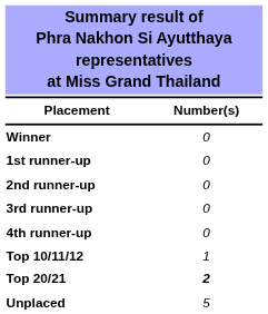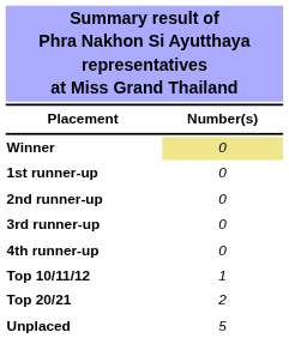 <table style="width: 270px; font-size:85%; line-height:1.5em;">
 <tr>
 <th colspan="2" align="center" style="background:#AAF;"><big>Summary result of<br>Phra Nakhon Si Ayutthaya representatives<br>at Miss Grand Thailand</big></th>
 </tr>
 <tr>
 <td colspan="2" style="background:black"></td>
 </tr>
 <tr>
 <th scope="col">Placement</th>
 <th scope="col">Number(s)</th>
 </tr>
 <tr>
 <td colspan="2" style="background:black"></td>
 </tr>
 <tr>
 <td align="left"><strong>Winner</strong></td>
-<td align="center"><em>0</em></td>
+<td align="center" style="background: khaki;"><em>0</em></td>
 </tr>
 <tr>
 <td align="left"><strong>1st runner-up</strong></td>
 <td align="center"><em>0</em></td>
 </tr>
 <tr>
 <td align="left"><strong>2nd runner-up</strong></td>
 <td align="center"><em>0</em></td>
 </tr>
 <tr>
 <td align="left"><strong>3rd runner-up</strong></td>
 <td align="center"><em>0</em></td>
 </tr>
 <tr>
 <td align="left"><strong>4th runner-up</strong></td>
 <td align="center"><em>0</em></td>
 </tr>
 <tr>
 <td align="left"><strong>Top 10/11/12</strong></td>
 <td align="center"><em>1</em></td>
 </tr>
 <tr>
 <td align="left"><strong>Top 20/21</strong></td>
-<td align="center"><strong><em>2</em></strong></td>
+<td align="center"><em>2</em></td>
 </tr>
 <tr>
 <td align="left"><strong>Unplaced</strong></td>
 <td align="center"><em>5</em></td>
 </tr>
 </table>
